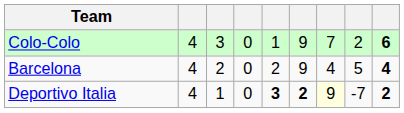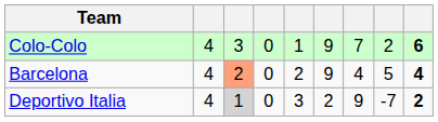 <table class="wikitable" style="text-align: center;">
 <tr>
 <th width="165">Team</th>
 <th width="20"></th>
 <th width="20"></th>
 <th width="20"></th>
 <th width="20"></th>
 <th width="20"></th>
 <th width="20"></th>
 <th width="20"></th>
 <th width="20"></th>
 </tr>
 <tr bgcolor=ccffcc>
 <td style="text-align:left;"> <a href='#'>Colo-Colo</a></td>
 <td>4</td>
 <td>3</td>
 <td>0</td>
 <td>1</td>
 <td>9</td>
 <td>7</td>
 <td>2</td>
 <td><strong>6</strong></td>
 </tr>
 <tr>
 <td style="text-align:left;"> <a href='#'>Barcelona</a></td>
 <td>4</td>
-<td>2</td>
+<td style="background: lightsalmon;">2</td>
 <td>0</td>
 <td>2</td>
 <td>9</td>
 <td>4</td>
 <td>5</td>
 <td><strong>4</strong></td>
 </tr>
 <tr>
 <td style="text-align:left;"> <a href='#'>Deportivo Italia</a></td>
 <td>4</td>
-<td>1</td>
+<td style="background: lightgrey;">1</td>
 <td>0</td>
-<td><strong>3</strong></td>
-<td><strong>2</strong></td>
-<td style="background: lightyellow;">9</td>
+<td>3</td>
+<td>2</td>
+<td>9</td>
 <td>-7</td>
 <td><strong>2</strong></td>
 </tr>
 </table>
